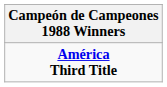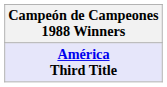 <table class="wikitable" style="text-align: center; margin: 0 auto;">
 <tr>
 <th>Campeón de Campeones<br>1988 Winners</th>
 </tr>
 <tr>
-<td><strong><a href='#'>América</a></strong><br><strong>Third Title</strong></td>
+<td style="background: lavender;"><strong><a href='#'>América</a></strong><br><strong>Third Title</strong></td>
 </tr>
 </table>
